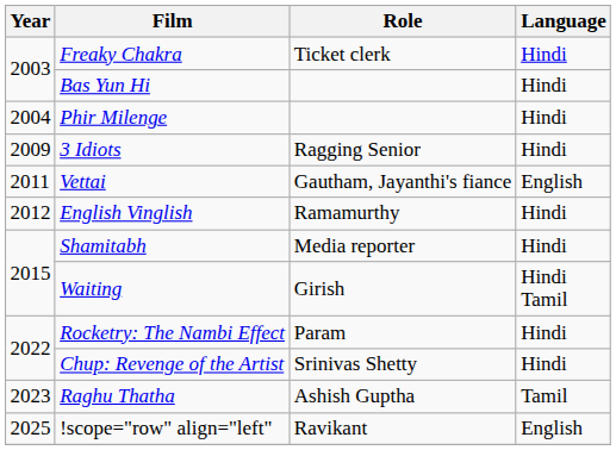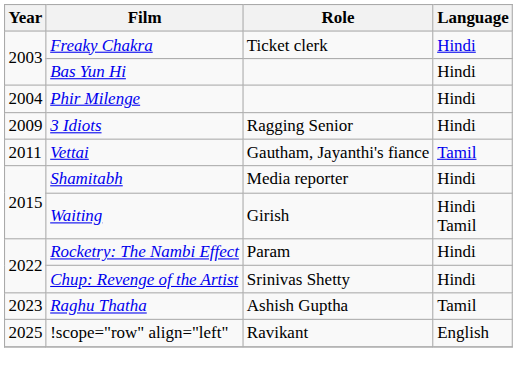 <table class="wikitable sortable">
 <tr>
 <th>Year</th>
 <th>Film</th>
 <th>Role</th>
 <th>Language</th>
 </tr>
 <tr>
 <td rowspan="2">2003</td>
 <td><em><a href='#'>Freaky Chakra</a></em></td>
 <td>Ticket clerk</td>
 <td><a href='#'>Hindi</a></td>
 </tr>
 <tr>
 <td><em><a href='#'>Bas Yun Hi</a></em></td>
 <td></td>
 <td>Hindi</td>
 </tr>
 <tr>
 <td>2004</td>
 <td><em><a href='#'>Phir Milenge</a></em></td>
 <td></td>
 <td>Hindi</td>
 </tr>
 <tr>
 <td>2009</td>
 <td><em><a href='#'>3 Idiots</a></em></td>
 <td>Ragging Senior</td>
 <td>Hindi</td>
 </tr>
 <tr>
 <td>2011</td>
 <td><em><a href='#'>Vettai</a></em></td>
 <td>Gautham, Jayanthi's fiance</td>
-<td>English</td>
-</tr>
-<tr>
-<td>2012</td>
-<td><em><a href='#'>English Vinglish</a></em></td>
-<td>Ramamurthy</td>
-<td>Hindi</td>
+<td><a href='#'>Tamil</a></td>
 </tr>
 <tr>
 <td rowspan="2">2015</td>
 <td><em><a href='#'>Shamitabh</a></em></td>
 <td>Media reporter</td>
 <td>Hindi</td>
 </tr>
 <tr>
 <td><em><a href='#'>Waiting</a></em></td>
 <td>Girish</td>
 <td>Hindi<br> Tamil</td>
 </tr>
 <tr>
 <td rowspan="2">2022</td>
 <td><em><a href='#'>Rocketry: The Nambi Effect</a></em></td>
 <td>Param</td>
 <td>Hindi</td>
 </tr>
 <tr>
 <td><em><a href='#'>Chup: Revenge of the Artist</a></em></td>
 <td>Srinivas Shetty</td>
 <td>Hindi</td>
 </tr>
 <tr>
 <td>2023</td>
 <td><em><a href='#'>Raghu Thatha</a></em></td>
 <td>Ashish Guptha</td>
 <td>Tamil</td>
 </tr>
 <tr>
 <td>2025</td>
 <td>!scope="row" align="left" </td>
 <td>Ravikant</td>
 <td>English</td>
 </tr>
 <tr>
 </tr>
 </table>
